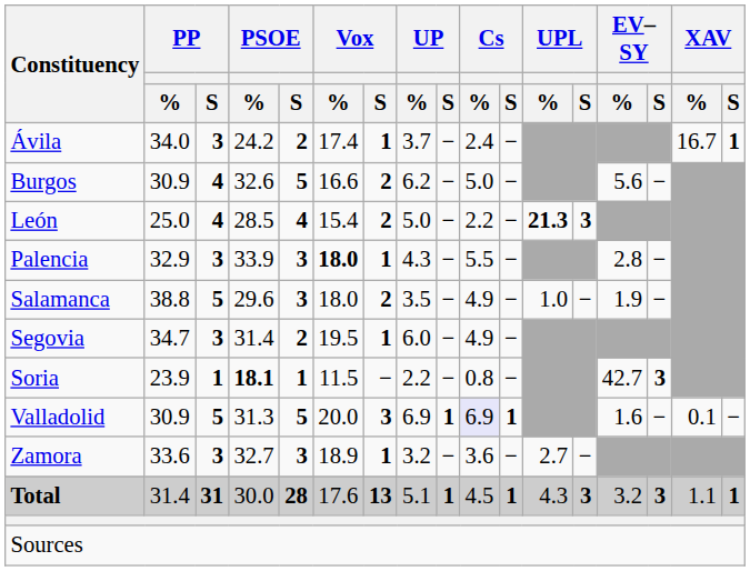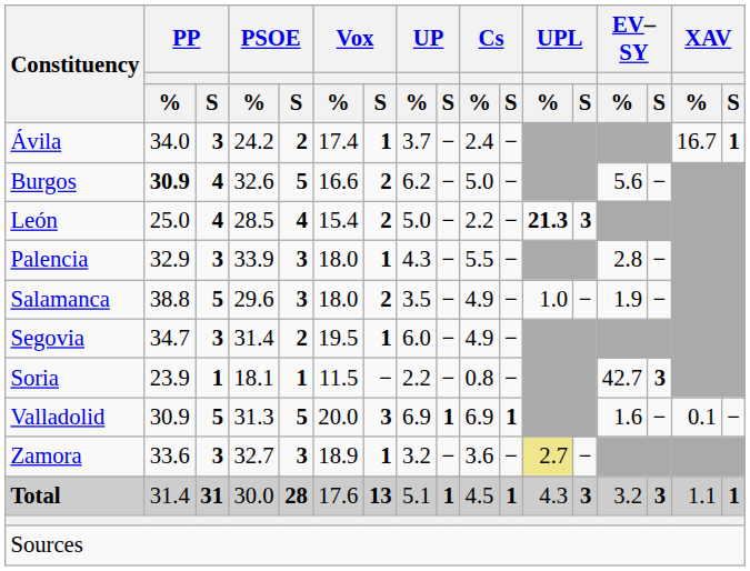 <table class="wikitable sortable" style="text-align:right; line-height:20px;">
 <tr>
 <th rowspan="3">Constituency</th>
 <th colspan="2" width="30px" class="unsortable"><a href='#'>PP</a></th>
 <th colspan="2" width="30px" class="unsortable"><a href='#'>PSOE</a></th>
 <th colspan="2" width="30px" class="unsortable"><a href='#'>Vox</a></th>
 <th colspan="2" width="30px" class="unsortable"><a href='#'>UP</a></th>
 <th colspan="2" width="30px" class="unsortable"><a href='#'>Cs</a></th>
 <th colspan="2" width="30px" class="unsortable"><a href='#'>UPL</a></th>
 <th colspan="2" width="30px" class="unsortable"><a href='#'>EV</a>–<a href='#'>SY</a></th>
 <th colspan="2" width="30px" class="unsortable"><a href='#'>XAV</a></th>
 </tr>
 <tr>
 <th colspan="2" style="background:"></th>
 <th colspan="2" style="background:"></th>
 <th colspan="2" style="background:"></th>
 <th colspan="2" style="background:"></th>
 <th colspan="2" style="background:"></th>
 <th colspan="2" style="background:"></th>
 <th colspan="2" style="background:"></th>
 <th colspan="2" style="background:"></th>
 </tr>
 <tr>
 <th data-sort-type="number">%</th>
 <th data-sort-type="number">S</th>
 <th data-sort-type="number">%</th>
 <th data-sort-type="number">S</th>
 <th data-sort-type="number">%</th>
 <th data-sort-type="number">S</th>
 <th data-sort-type="number">%</th>
 <th data-sort-type="number">S</th>
 <th data-sort-type="number">%</th>
 <th data-sort-type="number">S</th>
 <th data-sort-type="number">%</th>
 <th data-sort-type="number">S</th>
 <th data-sort-type="number">%</th>
 <th data-sort-type="number">S</th>
 <th data-sort-type="number">%</th>
 <th data-sort-type="number">S</th>
 </tr>
 <tr>
 <td align="left"><a href='#'>Ávila</a></td>
 <td style="background:">34.0</td>
 <td><strong>3</strong></td>
 <td>24.2</td>
 <td><strong>2</strong></td>
 <td>17.4</td>
 <td><strong>1</strong></td>
 <td>3.7</td>
 <td>−</td>
 <td>2.4</td>
 <td>−</td>
 <td colspan="2" rowspan="2" bgcolor="#AAAAAA"></td>
 <td colspan="2" bgcolor="#AAAAAA"></td>
 <td>16.7</td>
 <td><strong>1</strong></td>
 </tr>
 <tr>
 <td align="left"><a href='#'>Burgos</a></td>
-<td>30.9</td>
+<td><strong>30.9</strong></td>
 <td><strong>4</strong></td>
 <td style="background:">32.6</td>
 <td><strong>5</strong></td>
 <td>16.6</td>
 <td><strong>2</strong></td>
 <td>6.2</td>
 <td>−</td>
 <td>5.0</td>
 <td>−</td>
 <td>5.6</td>
 <td>−</td>
 <td colspan="2" rowspan="6" bgcolor="#AAAAAA"></td>
 </tr>
 <tr>
 <td align="left"><a href='#'>León</a></td>
 <td>25.0</td>
 <td><strong>4</strong></td>
 <td style="background:">28.5</td>
 <td><strong>4</strong></td>
 <td>15.4</td>
 <td><strong>2</strong></td>
 <td>5.0</td>
 <td>−</td>
 <td>2.2</td>
 <td>−</td>
 <td><strong>21.3</strong></td>
 <td><strong>3</strong></td>
 <td colspan="2" bgcolor="#AAAAAA"></td>
 </tr>
 <tr>
 <td align="left"><a href='#'>Palencia</a></td>
 <td>32.9</td>
 <td><strong>3</strong></td>
 <td style="background:">33.9</td>
 <td><strong>3</strong></td>
-<td><strong>18.0</strong></td>
+<td>18.0</td>
 <td><strong>1</strong></td>
 <td>4.3</td>
 <td>−</td>
 <td>5.5</td>
 <td>−</td>
 <td colspan="2" bgcolor="#AAAAAA"></td>
 <td>2.8</td>
 <td>−</td>
 </tr>
 <tr>
 <td align="left"><a href='#'>Salamanca</a></td>
 <td style="background:">38.8</td>
 <td><strong>5</strong></td>
 <td>29.6</td>
 <td><strong>3</strong></td>
 <td>18.0</td>
 <td><strong>2</strong></td>
 <td>3.5</td>
 <td>−</td>
 <td>4.9</td>
 <td>−</td>
 <td>1.0</td>
 <td>−</td>
 <td>1.9</td>
 <td>−</td>
 </tr>
 <tr>
 <td align="left"><a href='#'>Segovia</a></td>
 <td style="background:">34.7</td>
 <td><strong>3</strong></td>
 <td>31.4</td>
 <td><strong>2</strong></td>
 <td>19.5</td>
 <td><strong>1</strong></td>
 <td>6.0</td>
 <td>−</td>
 <td>4.9</td>
 <td>−</td>
 <td colspan="2" rowspan="3" bgcolor="#AAAAAA"></td>
 <td colspan="2" bgcolor="#AAAAAA"></td>
 </tr>
 <tr>
 <td align="left"><a href='#'>Soria</a></td>
 <td>23.9</td>
 <td><strong>1</strong></td>
-<td><strong>18.1</strong></td>
+<td>18.1</td>
 <td><strong>1</strong></td>
 <td>11.5</td>
 <td>−</td>
 <td>2.2</td>
 <td>−</td>
 <td>0.8</td>
 <td>−</td>
 <td style="background:">42.7</td>
 <td><strong>3</strong></td>
 </tr>
 <tr>
 <td align="left"><a href='#'>Valladolid</a></td>
 <td>30.9</td>
 <td><strong>5</strong></td>
 <td style="background:">31.3</td>
 <td><strong>5</strong></td>
 <td>20.0</td>
 <td><strong>3</strong></td>
 <td>6.9</td>
 <td><strong>1</strong></td>
-<td style="background: lavender;">6.9</td>
+<td>6.9</td>
 <td><strong>1</strong></td>
 <td>1.6</td>
 <td>−</td>
 <td>0.1</td>
 <td>−</td>
 </tr>
 <tr>
 <td align="left"><a href='#'>Zamora</a></td>
 <td style="background:">33.6</td>
 <td><strong>3</strong></td>
 <td>32.7</td>
 <td><strong>3</strong></td>
 <td>18.9</td>
 <td><strong>1</strong></td>
 <td>3.2</td>
 <td>−</td>
 <td>3.6</td>
 <td>−</td>
-<td>2.7</td>
+<td style="background: khaki;">2.7</td>
 <td>−</td>
 <td colspan="2" bgcolor="#AAAAAA"></td>
 <td colspan="2" bgcolor="#AAAAAA"></td>
 </tr>
 <tr style="background:#CDCDCD;">
 <td align="left"><strong>Total</strong></td>
 <td style="background:">31.4</td>
 <td><strong>31</strong></td>
 <td>30.0</td>
 <td><strong>28</strong></td>
 <td>17.6</td>
 <td><strong>13</strong></td>
 <td>5.1</td>
 <td><strong>1</strong></td>
 <td>4.5</td>
 <td><strong>1</strong></td>
 <td>4.3</td>
 <td><strong>3</strong></td>
 <td>3.2</td>
 <td><strong>3</strong></td>
 <td>1.1</td>
 <td><strong>1</strong></td>
 </tr>
 <tr>
 <th colspan="17"></th>
 </tr>
 <tr>
 <th style="text-align:left; font-weight:normal; background:#F9F9F9" colspan="17">Sources</th>
 </tr>
 </table>
